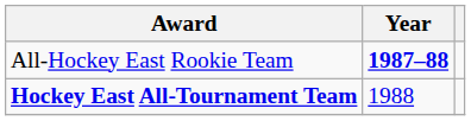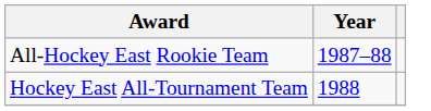 <table class="wikitable">
 <tr>
 <th>Award</th>
 <th>Year</th>
 <th></th>
 </tr>
 <tr>
 <td>All-<a href='#'>Hockey East</a> <a href='#'>Rookie Team</a></td>
-<td><strong><a href='#'>1987–88</a></strong></td>
+<td><a href='#'>1987–88</a></td>
 <td></td>
 </tr>
 <tr>
-<td><strong><a href='#'>Hockey East</a> <a href='#'>All-Tournament Team</a></strong></td>
+<td><a href='#'>Hockey East</a> <a href='#'>All-Tournament Team</a></td>
 <td><a href='#'>1988</a></td>
 <td></td>
 </tr>
 <tr>
 </tr>
 </table>
